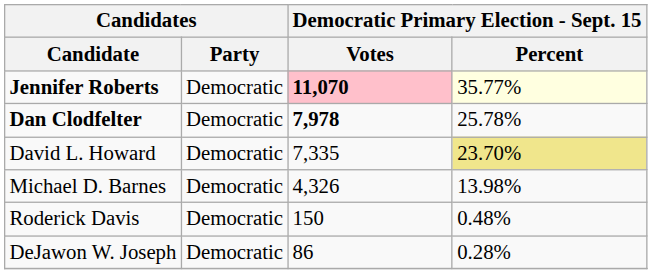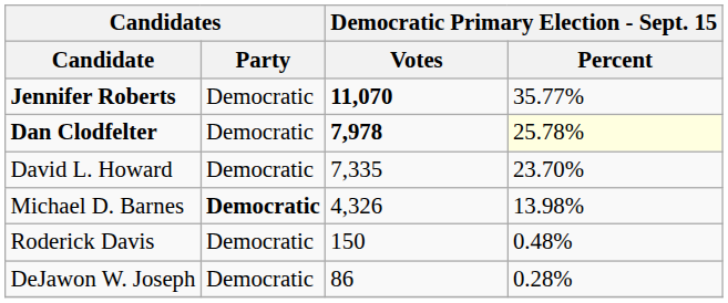 <table class=wikitable>
 <tr>
 <th colspan=2>Candidates</th>
 <th colspan=2>Democratic Primary Election - Sept. 15</th>
 </tr>
 <tr>
 <th>Candidate</th>
 <th>Party</th>
 <th>Votes</th>
 <th>Percent</th>
 </tr>
 <tr>
 <td><strong>Jennifer Roberts</strong></td>
 <td>Democratic</td>
-<td style="background: pink;"><strong>11,070</strong></td>
-<td style="background: lightyellow;">35.77%</td>
+<td><strong>11,070</strong></td>
+<td>35.77%</td>
 </tr>
 <tr>
 <td><strong>Dan Clodfelter</strong></td>
 <td>Democratic</td>
 <td><strong>7,978</strong></td>
-<td>25.78%</td>
+<td style="background: lightyellow;">25.78%</td>
 </tr>
 <tr>
 <td>David L. Howard</td>
 <td>Democratic</td>
 <td>7,335</td>
-<td style="background: khaki;">23.70%</td>
+<td>23.70%</td>
 </tr>
 <tr>
 <td>Michael D. Barnes</td>
-<td>Democratic</td>
+<td><strong>Democratic</strong></td>
 <td>4,326</td>
 <td>13.98%</td>
 </tr>
 <tr>
 <td>Roderick Davis</td>
 <td>Democratic</td>
 <td>150</td>
 <td>0.48%</td>
 </tr>
 <tr>
 <td>DeJawon W. Joseph</td>
 <td>Democratic</td>
 <td>86</td>
 <td>0.28%</td>
 </tr>
 <tr>
 </tr>
 </table>
